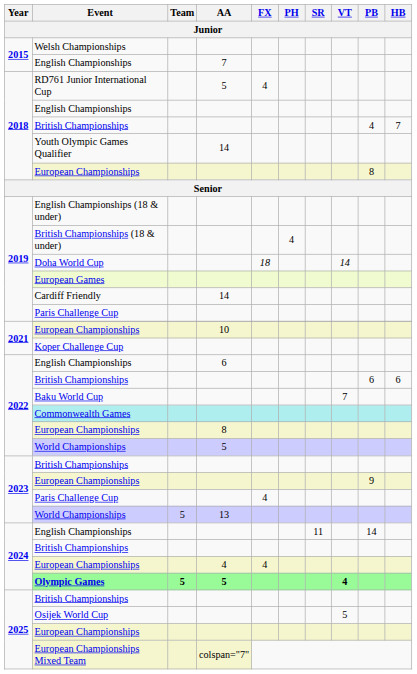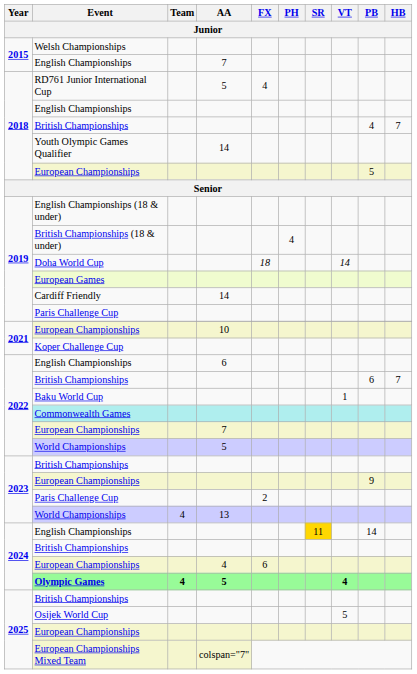 <table class="wikitable sortable" style="text-align:center; font-size:95%;">
 <tr>
 <th width=7% class=unsortable>Year</th>
 <th width=37% class=unsortable>Event</th>
 <th width=7% class=unsortable>Team</th>
 <th width=7% class=unsortable>AA</th>
 <th width=7% class=unsortable><a href='#'>FX</a></th>
 <th width=7% class=unsortable><a href='#'>PH</a></th>
 <th width=7% class=unsortable><a href='#'>SR</a></th>
 <th width=7% class=unsortable><a href='#'>VT</a></th>
 <th width=7% class=unsortable><a href='#'>PB</a></th>
 <th width=7% class=unsortable><a href='#'>HB</a></th>
 </tr>
 <tr>
 <th colspan="10">Junior</th>
 </tr>
 <tr>
 <td rowspan="2"><strong><a href='#'>2015</a></strong></td>
 <td align=left>Welsh Championships</td>
 <td></td>
 <td></td>
 <td></td>
 <td></td>
 <td></td>
 <td></td>
 <td></td>
 <td></td>
 </tr>
 <tr>
 <td align=left>English Championships</td>
 <td></td>
 <td>7</td>
 <td></td>
 <td></td>
 <td></td>
 <td></td>
 <td></td>
 <td></td>
 </tr>
 <tr>
 <td rowspan="5"><strong><a href='#'>2018</a></strong></td>
 <td align=left>RD761 Junior International Cup</td>
 <td></td>
 <td>5</td>
 <td>4</td>
 <td></td>
 <td></td>
 <td></td>
 <td></td>
 <td></td>
 </tr>
 <tr>
 <td align=left>English Championships</td>
 <td></td>
 <td></td>
 <td></td>
 <td></td>
 <td></td>
 <td></td>
 <td></td>
 <td></td>
 </tr>
 <tr>
 <td align=left><a href='#'>British Championships</a></td>
 <td></td>
 <td></td>
 <td></td>
 <td></td>
 <td></td>
 <td></td>
 <td>4</td>
 <td>7</td>
 </tr>
 <tr>
 <td align=left>Youth Olympic Games Qualifier</td>
 <td></td>
 <td>14</td>
 <td></td>
 <td></td>
 <td></td>
 <td></td>
 <td></td>
 <td></td>
 </tr>
 <tr bgcolor=#F5F6CE>
 <td align=left><a href='#'>European Championships</a></td>
 <td></td>
 <td></td>
 <td></td>
 <td></td>
 <td></td>
 <td></td>
-<td>8</td>
+<td>5</td>
 <td></td>
 </tr>
 <tr>
 <th colspan="10">Senior</th>
 </tr>
 <tr>
 <td rowspan="6"><strong><a href='#'>2019</a></strong></td>
 <td align=left>English Championships (18 & under)</td>
 <td></td>
 <td></td>
 <td></td>
 <td></td>
 <td></td>
 <td></td>
 <td></td>
 <td></td>
 </tr>
 <tr>
 <td align=left><a href='#'>British Championships</a> (18 & under)</td>
 <td></td>
 <td></td>
 <td></td>
 <td>4</td>
 <td></td>
 <td></td>
 <td></td>
 <td></td>
 </tr>
 <tr>
 <td align=left><a href='#'>Doha World Cup</a></td>
 <td></td>
 <td></td>
 <td><em>18</em></td>
 <td></td>
 <td></td>
 <td><em>14</em></td>
 <td></td>
 <td></td>
 </tr>
 <tr bgcolor=#f0fccf>
 <td align=left><a href='#'>European Games</a></td>
 <td></td>
 <td></td>
 <td></td>
 <td></td>
 <td></td>
 <td></td>
 <td></td>
 <td></td>
 </tr>
 <tr>
 <td align=left>Cardiff Friendly</td>
 <td></td>
 <td>14</td>
 <td></td>
 <td></td>
 <td></td>
 <td></td>
 <td></td>
 <td></td>
 </tr>
 <tr>
 <td align=left><a href='#'>Paris Challenge Cup</a></td>
 <td></td>
 <td></td>
 <td></td>
 <td></td>
 <td></td>
 <td></td>
 <td></td>
 <td></td>
 </tr>
 <tr>
 <td rowspan="3"><strong><a href='#'>2021</a></strong></td>
 </tr>
 <tr bgcolor=#F5F6CE>
 <td align=left><a href='#'>European Championships</a></td>
 <td></td>
 <td>10</td>
 <td></td>
 <td></td>
 <td></td>
 <td></td>
 <td></td>
 <td></td>
 </tr>
 <tr>
 <td align=left><a href='#'>Koper Challenge Cup</a></td>
 <td></td>
 <td></td>
 <td></td>
 <td></td>
 <td></td>
 <td></td>
 <td></td>
 <td></td>
 </tr>
 <tr>
 <td rowspan="6"><strong><a href='#'>2022</a></strong></td>
 <td align=left>English Championships</td>
 <td></td>
 <td>6</td>
 <td></td>
 <td></td>
 <td></td>
 <td></td>
 <td></td>
 <td></td>
 </tr>
 <tr>
 <td align=left><a href='#'>British Championships</a></td>
 <td></td>
 <td></td>
 <td></td>
 <td></td>
 <td></td>
 <td></td>
 <td>6</td>
-<td>6</td>
+<td>7</td>
 </tr>
 <tr>
 <td align=left><a href='#'>Baku World Cup</a></td>
 <td></td>
 <td></td>
 <td></td>
 <td></td>
 <td></td>
-<td>7</td>
+<td>1</td>
 <td></td>
 <td></td>
 </tr>
 <tr bgcolor="#afeeee">
 <td align=left><a href='#'>Commonwealth Games</a></td>
 <td></td>
 <td></td>
 <td></td>
 <td></td>
 <td></td>
 <td></td>
 <td></td>
 <td></td>
 </tr>
 <tr bgcolor=#F5F6CE>
 <td align=left><a href='#'>European Championships</a></td>
 <td></td>
-<td>8</td>
+<td>7</td>
 <td></td>
 <td></td>
 <td></td>
 <td></td>
 <td></td>
 <td></td>
 </tr>
 <tr bgcolor=#CCCCFF>
 <td align=left><a href='#'>World Championships</a></td>
 <td></td>
 <td>5</td>
 <td></td>
 <td></td>
 <td></td>
 <td></td>
 <td></td>
 <td></td>
 </tr>
 <tr>
 <td rowspan="4"><strong><a href='#'>2023</a></strong></td>
 <td align="left"><a href='#'>British Championships</a></td>
 <td></td>
 <td></td>
 <td></td>
 <td></td>
 <td></td>
 <td></td>
 <td></td>
 <td></td>
 </tr>
 <tr bgcolor=#F5F6CE>
 <td align=left><a href='#'>European Championships</a></td>
 <td></td>
 <td></td>
 <td></td>
 <td></td>
 <td></td>
 <td></td>
 <td>9</td>
 <td></td>
 </tr>
 <tr>
 <td align=left><a href='#'>Paris Challenge Cup</a></td>
 <td></td>
 <td></td>
-<td>4</td>
+<td>2</td>
 <td></td>
 <td></td>
 <td></td>
 <td></td>
 <td></td>
 </tr>
 <tr bgcolor=#CCCCFF>
 <td align=left><a href='#'>World Championships</a></td>
-<td>5</td>
+<td>4</td>
 <td>13</td>
 <td></td>
 <td></td>
 <td></td>
 <td></td>
 <td></td>
 <td></td>
 </tr>
 <tr>
 <td rowspan="4"><strong><a href='#'>2024</a></strong></td>
 <td align=left>English Championships</td>
 <td></td>
 <td></td>
 <td></td>
 <td></td>
-<td>11</td>
+<td style="background: gold;">11</td>
 <td></td>
 <td>14</td>
 <td></td>
 </tr>
 <tr>
 <td align="left"><a href='#'>British Championships</a></td>
 <td align="left"></td>
 <td></td>
 <td></td>
 <td></td>
 <td></td>
 <td></td>
 <td></td>
 <td></td>
 </tr>
 <tr bgcolor=#F5F6CE>
 <td align=left><a href='#'>European Championships</a></td>
 <td></td>
 <td>4</td>
-<td>4</td>
+<td>6</td>
 <td></td>
 <td></td>
 <td></td>
 <td></td>
 <td></td>
 </tr>
 <tr bgcolor=98FB98>
 <td align=left><strong><a href='#'>Olympic Games</a></strong></td>
-<td><strong>5</strong></td>
+<td><strong>4</strong></td>
 <td><strong>5</strong></td>
 <td></td>
 <td></td>
 <td></td>
 <td><strong>4</strong></td>
 <td></td>
 <td></td>
 </tr>
 <tr>
 <td rowspan="4"><strong><a href='#'>2025</a></strong></td>
 <td align="left"><a href='#'>British Championships</a></td>
 <td></td>
 <td></td>
 <td></td>
 <td></td>
 <td></td>
 <td></td>
 <td></td>
 <td></td>
 </tr>
 <tr>
 <td align="left"><a href='#'>Osijek World Cup</a></td>
 <td></td>
 <td></td>
 <td></td>
 <td></td>
 <td></td>
 <td>5</td>
 <td></td>
 <td></td>
 </tr>
 <tr bgcolor=#F5F6CE>
 <td align=left><a href='#'>European Championships</a></td>
 <td></td>
 <td></td>
 <td></td>
 <td></td>
 <td></td>
 <td></td>
 <td></td>
 <td></td>
 </tr>
 <tr bgcolor=#F5F6CE>
 <td align=left><a href='#'>European Championships Mixed Team</a></td>
 <td></td>
 <td>colspan="7" </td>
 </tr>
 </table>
